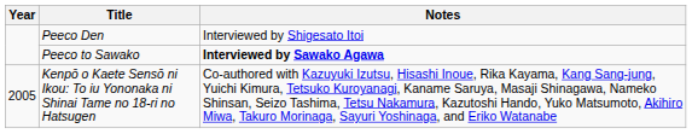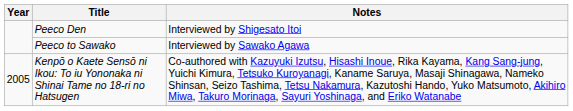 <table class="wikitable">
 <tr>
 <th>Year</th>
 <th>Title</th>
 <th>Notes</th>
 </tr>
 <tr>
 <td rowspan="2"></td>
 <td><em>Peeco Den</em></td>
 <td>Interviewed by <a href='#'>Shigesato Itoi</a></td>
 </tr>
 <tr>
 <td><em>Peeco to Sawako</em></td>
-<td><strong>Interviewed by <a href='#'>Sawako Agawa</a></strong></td>
+<td>Interviewed by <a href='#'>Sawako Agawa</a></td>
 </tr>
 <tr>
 <td>2005</td>
 <td><em>Kenpō o Kaete Sensō ni Ikou: To iu Yononaka ni Shinai Tame no 18-ri no Hatsugen</em></td>
 <td>Co-authored with <a href='#'>Kazuyuki Izutsu</a>, <a href='#'>Hisashi Inoue</a>, Rika Kayama, <a href='#'>Kang Sang-jung</a>, Yuichi Kimura, <a href='#'>Tetsuko Kuroyanagi</a>, Kaname Saruya, Masaji Shinagawa, Nameko Shinsan, Seizo Tashima, <a href='#'>Tetsu Nakamura</a>, Kazutoshi Hando, Yuko Matsumoto, <a href='#'>Akihiro Miwa</a>, <a href='#'>Takuro Morinaga</a>, <a href='#'>Sayuri Yoshinaga</a>, and <a href='#'>Eriko Watanabe</a></td>
 </tr>
 </table>
